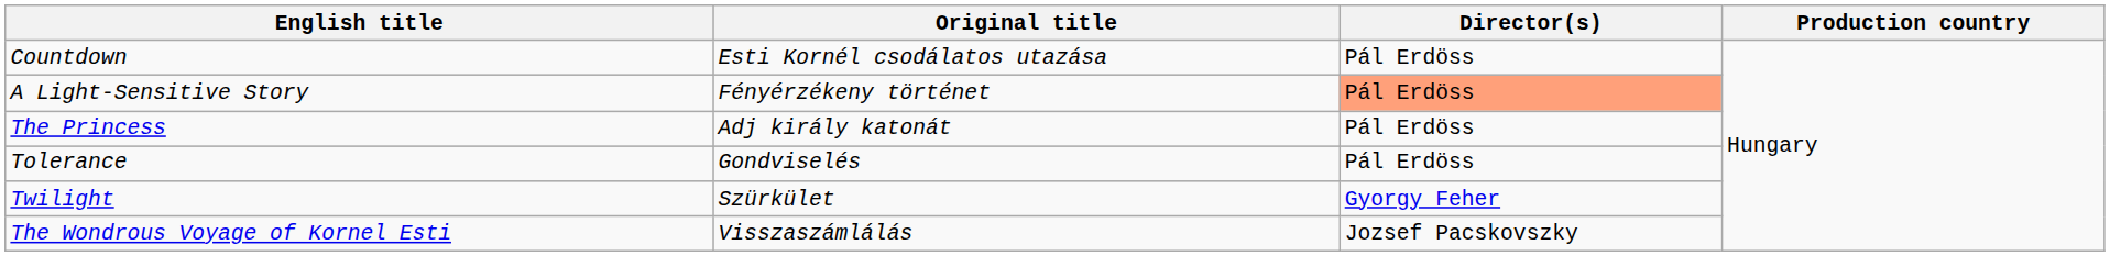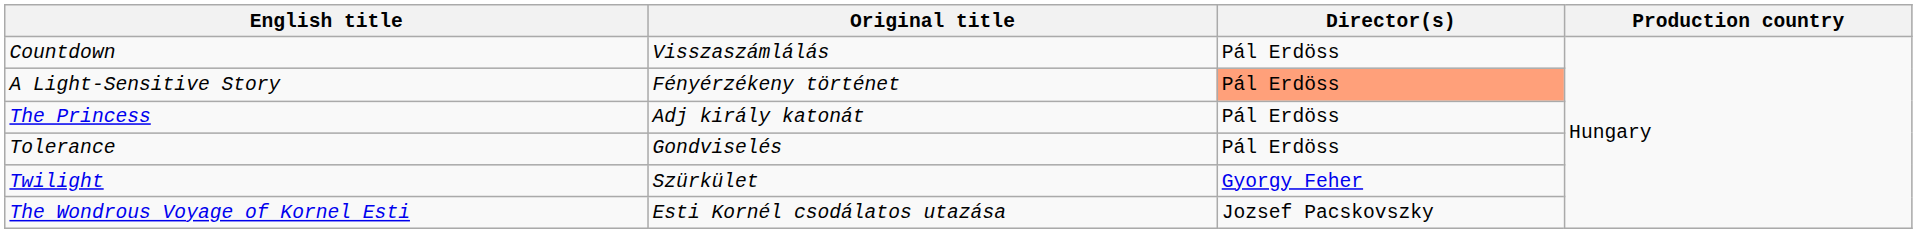 <table class="wikitable sortable" style="width:100%; margin-bottom:4px">
 <tr>
 <th>English title</th>
 <th>Original title</th>
 <th>Director(s)</th>
 <th>Production country</th>
 </tr>
 <tr>
 <td><em>Countdown</em></td>
-<td><em>Esti Kornél csodálatos utazása</em></td>
+<td><em>Visszaszámlálás </em></td>
 <td>Pál Erdöss</td>
 <td rowspan=7>Hungary</td>
 </tr>
 <tr>
 <td><em>A Light-Sensitive Story</em></td>
 <td><em>Fényérzékeny történet</em></td>
 <td style="background: lightsalmon;">Pál Erdöss</td>
 </tr>
 <tr>
 <td><em><a href='#'>The Princess</a></em></td>
 <td><em>Adj király katonát</em></td>
 <td>Pál Erdöss</td>
 </tr>
 <tr>
 <td><em>Tolerance</em></td>
 <td><em>Gondviselés</em></td>
 <td>Pál Erdöss</td>
 </tr>
 <tr>
 <td><em><a href='#'>Twilight</a></em></td>
 <td><em>Szürkület</em></td>
 <td><a href='#'>Gyorgy Feher</a></td>
 </tr>
 <tr>
 <td><em><a href='#'>The Wondrous Voyage of Kornel Esti</a></em></td>
-<td><em>Visszaszámlálás </em></td>
+<td><em>Esti Kornél csodálatos utazása</em></td>
 <td>Jozsef Pacskovszky</td>
 </tr>
 </table>
